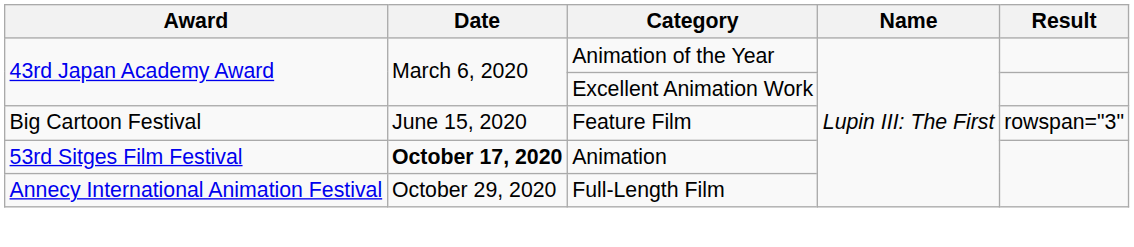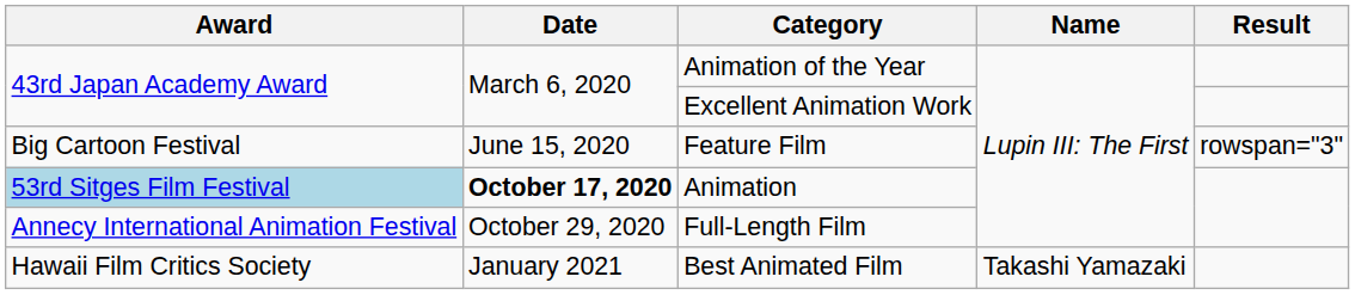 <table class="plainrowheaders wikitable" style="align:center;">
 <tr>
 <th scope="col">Award</th>
 <th>Date</th>
 <th scope="col">Category</th>
 <th scope="col">Name</th>
 <th scope="col">Result</th>
 </tr>
 <tr>
 <td rowspan="2"><a href='#'>43rd Japan Academy Award</a></td>
 <td rowspan="2">March 6, 2020</td>
 <td>Animation of the Year</td>
 <td rowspan="5"><em>Lupin III: The First</em></td>
 <td></td>
 </tr>
 <tr>
 <td>Excellent Animation Work</td>
 <td></td>
 </tr>
 <tr>
 <td>Big Cartoon Festival</td>
 <td>June 15, 2020</td>
 <td>Feature Film</td>
 <td>rowspan="3"</td>
 </tr>
 <tr>
-<td><a href='#'>53rd Sitges Film Festival</a></td>
+<td style="background: lightblue;"><a href='#'>53rd Sitges Film Festival</a></td>
 <td><strong>October 17, 2020</strong></td>
 <td>Animation</td>
 </tr>
 <tr>
 <td><a href='#'>Annecy International Animation Festival</a></td>
 <td>October 29, 2020</td>
 <td>Full-Length Film</td>
 </tr>
+<tr>
+<td>Hawaii Film Critics Society</td>
+<td>January 2021</td>
+<td>Best Animated Film</td>
+<td>Takashi Yamazaki</td>
+<td></td>
+</tr>
 </table>
